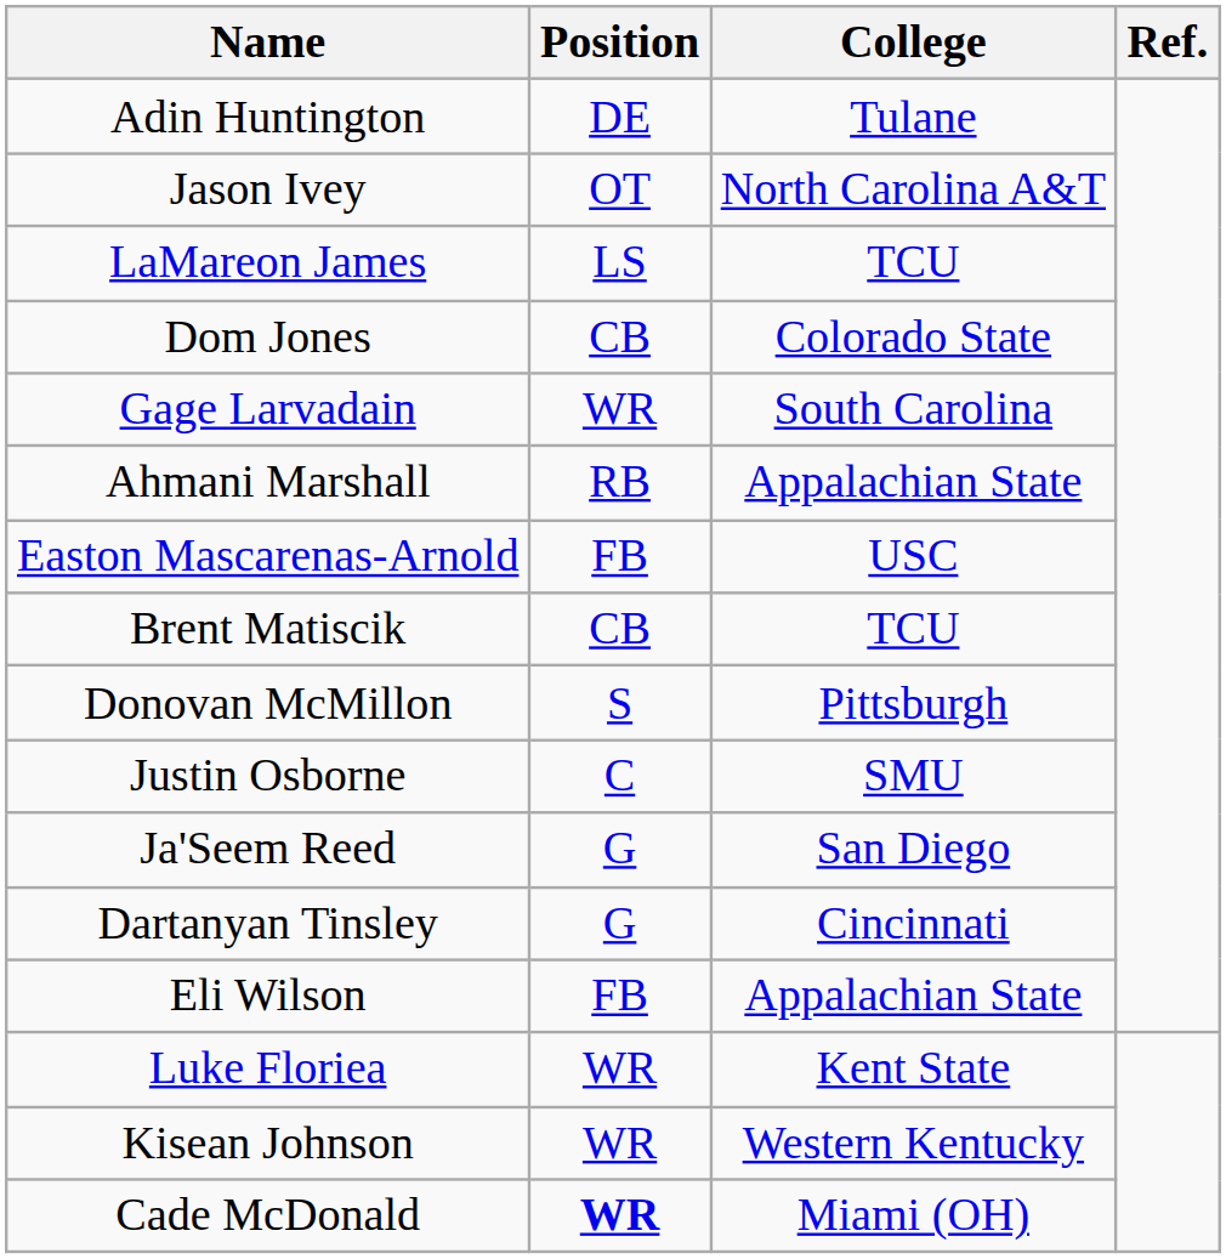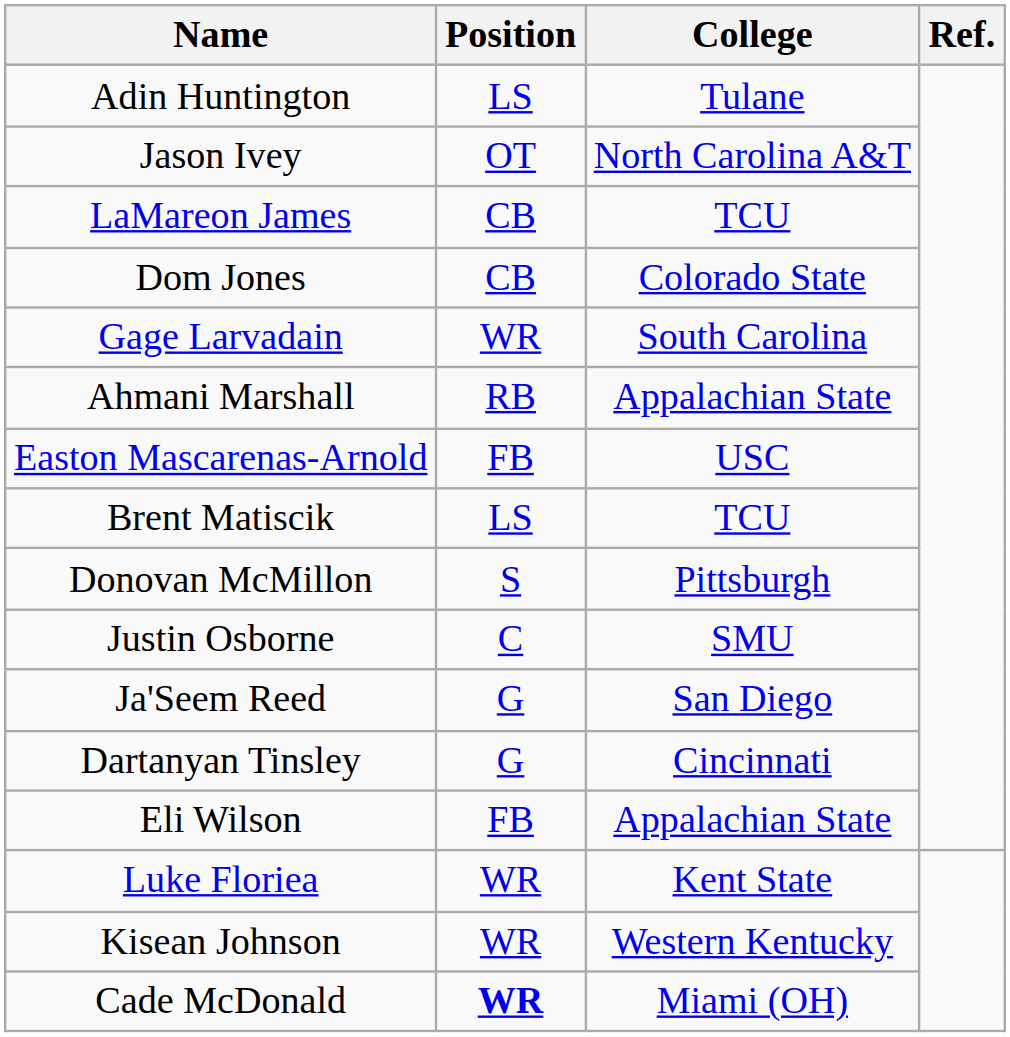 <table class="wikitable" style="text-align:center">
 <tr align=center>
 <th>Name</th>
 <th>Position</th>
 <th>College</th>
 <th>Ref.</th>
 </tr>
 <tr>
 <td>Adin Huntington</td>
-<td><a href='#'>DE</a></td>
+<td><a href='#'>LS</a></td>
 <td><a href='#'>Tulane</a></td>
 <td rowspan="13"></td>
 </tr>
 <tr>
 <td>Jason Ivey</td>
 <td><a href='#'>OT</a></td>
 <td><a href='#'>North Carolina A&T</a></td>
 </tr>
 <tr>
 <td><a href='#'>LaMareon James</a></td>
-<td><a href='#'>LS</a></td>
+<td><a href='#'>CB</a></td>
 <td><a href='#'>TCU</a></td>
 </tr>
 <tr>
 <td>Dom Jones</td>
 <td><a href='#'>CB</a></td>
 <td><a href='#'>Colorado State</a></td>
 </tr>
 <tr>
 <td><a href='#'>Gage Larvadain</a></td>
 <td><a href='#'>WR</a></td>
 <td><a href='#'>South Carolina</a></td>
 </tr>
 <tr>
 <td>Ahmani Marshall</td>
 <td><a href='#'>RB</a></td>
 <td><a href='#'>Appalachian State</a></td>
 </tr>
 <tr>
 <td><a href='#'>Easton Mascarenas-Arnold</a></td>
 <td><a href='#'>FB</a></td>
 <td><a href='#'>USC</a></td>
 </tr>
 <tr>
 <td>Brent Matiscik</td>
-<td><a href='#'>CB</a></td>
+<td><a href='#'>LS</a></td>
 <td><a href='#'>TCU</a></td>
 </tr>
 <tr>
 <td>Donovan McMillon</td>
 <td><a href='#'>S</a></td>
 <td><a href='#'>Pittsburgh</a></td>
 </tr>
 <tr>
 <td>Justin Osborne</td>
 <td><a href='#'>C</a></td>
 <td><a href='#'>SMU</a></td>
 </tr>
 <tr>
 <td>Ja'Seem Reed</td>
 <td><a href='#'>G</a></td>
 <td><a href='#'>San Diego</a></td>
 </tr>
 <tr>
 <td>Dartanyan Tinsley</td>
 <td><a href='#'>G</a></td>
 <td><a href='#'>Cincinnati</a></td>
 </tr>
 <tr>
 <td>Eli Wilson</td>
 <td><a href='#'>FB</a></td>
 <td><a href='#'>Appalachian State</a></td>
 </tr>
 <tr>
 <td><a href='#'>Luke Floriea</a></td>
 <td><a href='#'>WR</a></td>
 <td><a href='#'>Kent State</a></td>
 <td rowspan="3"></td>
 </tr>
 <tr>
 <td>Kisean Johnson</td>
 <td><a href='#'>WR</a></td>
 <td><a href='#'>Western Kentucky</a></td>
 </tr>
 <tr>
 <td>Cade McDonald</td>
 <td><strong><a href='#'>WR</a></strong></td>
 <td><a href='#'>Miami (OH)</a></td>
 </tr>
 </table>
